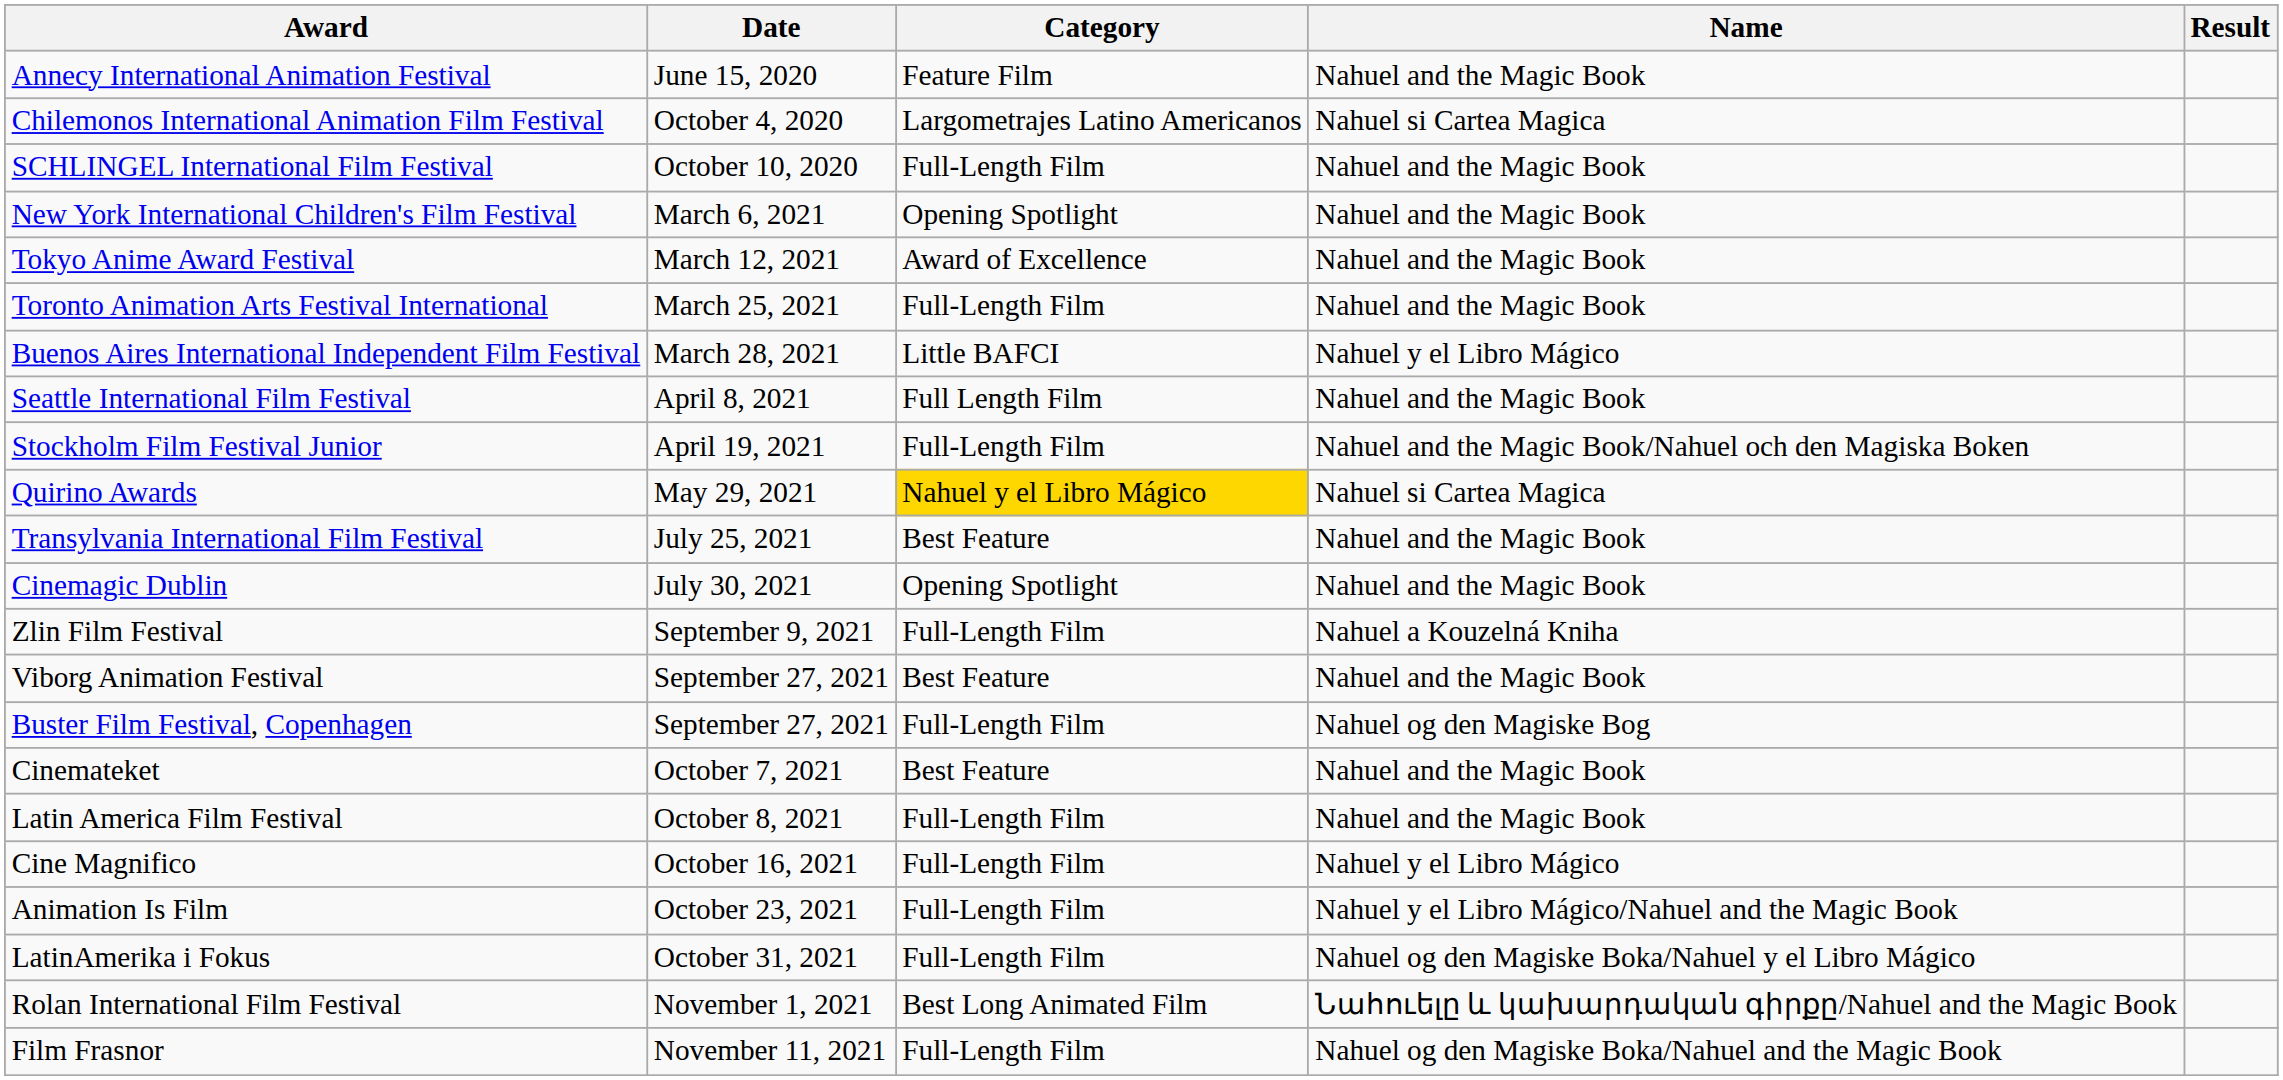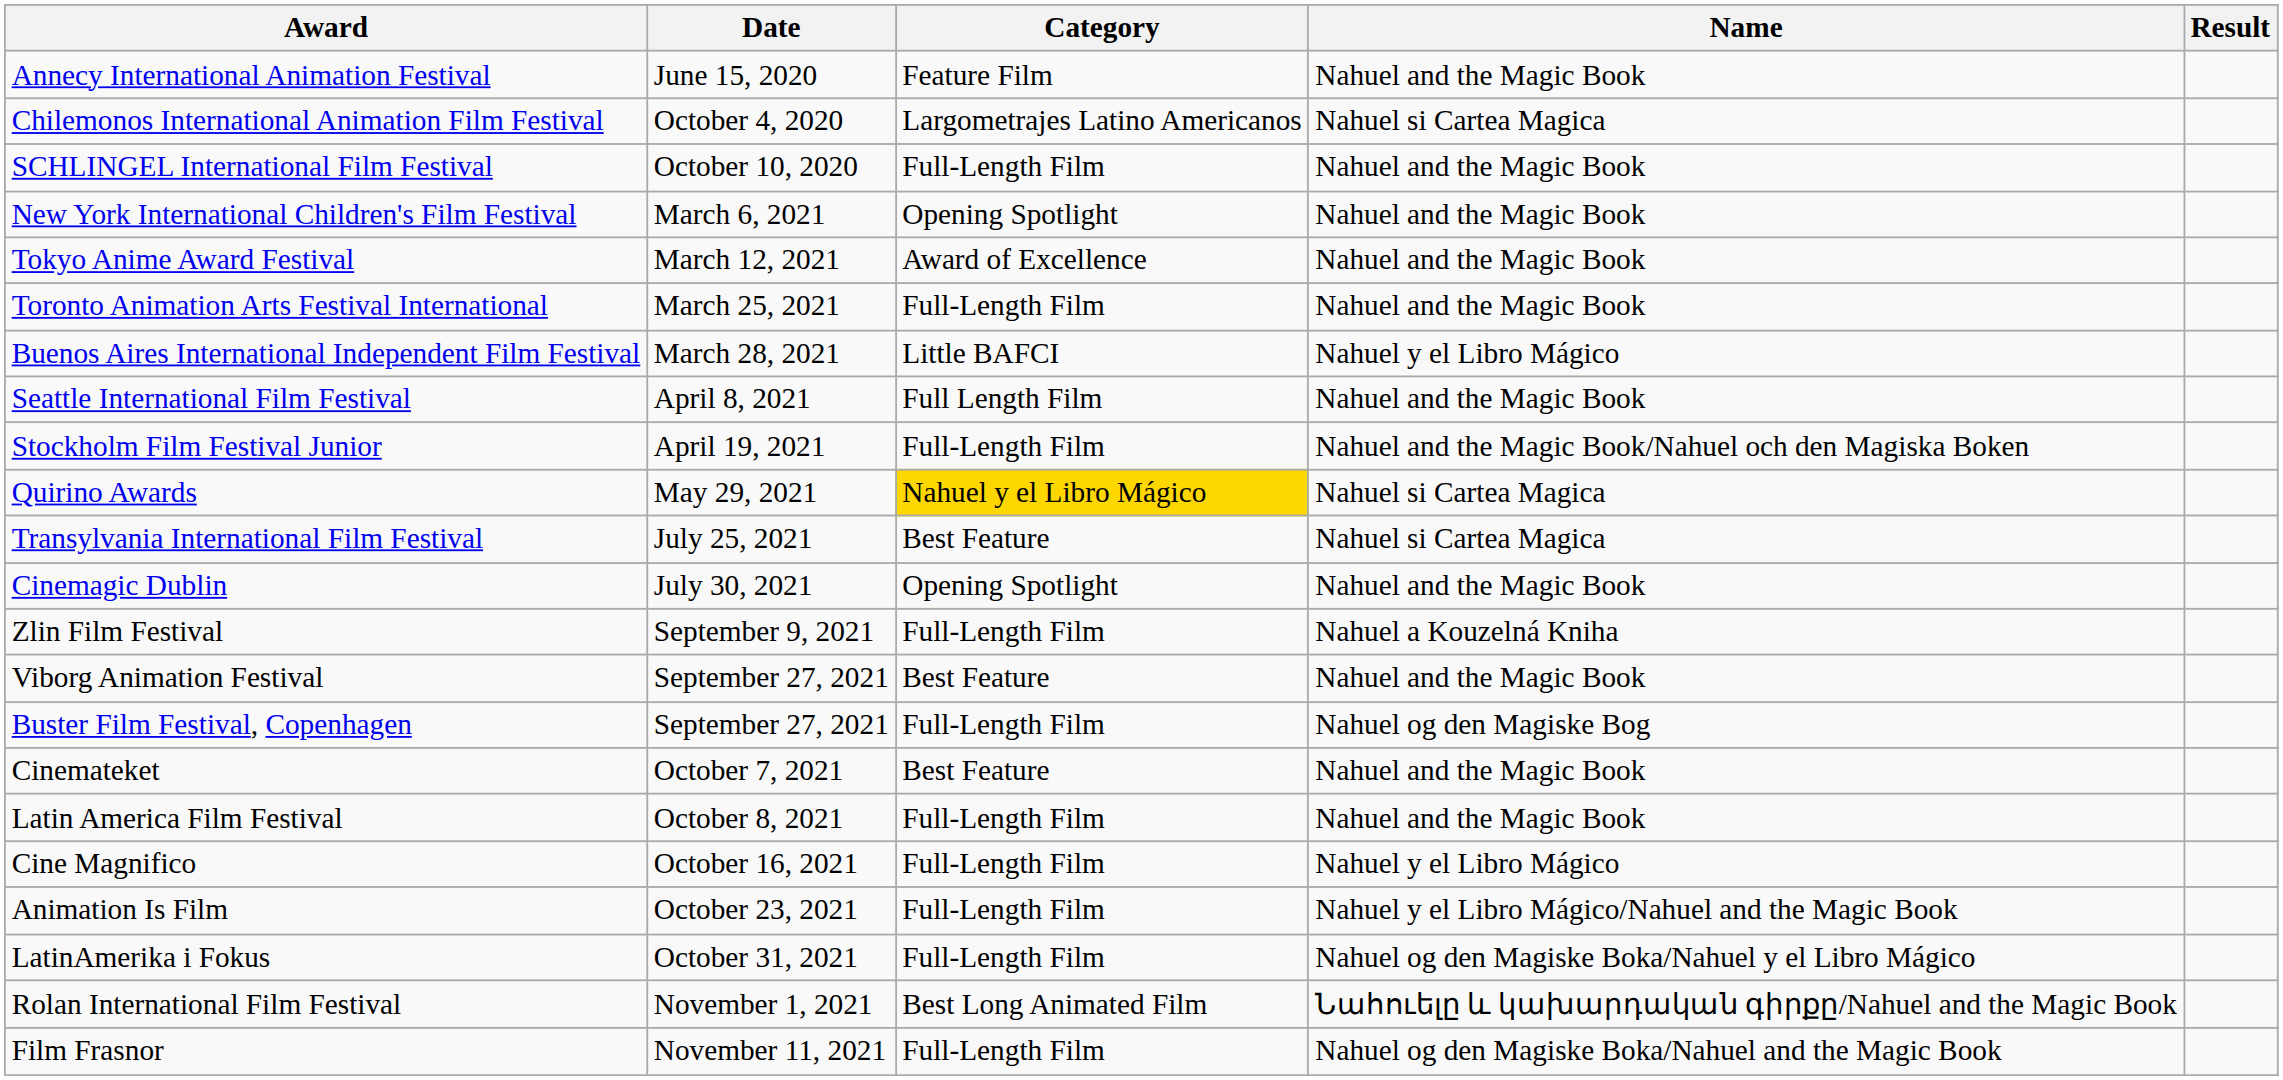 <table class="plainrowheaders wikitable" style="align:center;">
 <tr>
 <th scope="col">Award</th>
 <th>Date</th>
 <th scope="col">Category</th>
 <th scope="col">Name</th>
 <th scope="col">Result</th>
 </tr>
 <tr>
 <td><a href='#'>Annecy International Animation Festival</a></td>
 <td>June 15, 2020</td>
 <td>Feature Film</td>
 <td>Nahuel and the Magic Book</td>
 <td></td>
 </tr>
 <tr>
 <td><a href='#'>Chilemonos International Animation Film Festival</a></td>
 <td>October 4, 2020</td>
 <td>Largometrajes Latino Americanos</td>
 <td>Nahuel si Cartea Magica</td>
 <td></td>
 </tr>
 <tr>
 <td><a href='#'>SCHLINGEL International Film Festival</a></td>
 <td>October 10, 2020</td>
 <td>Full-Length Film</td>
 <td>Nahuel and the Magic Book</td>
 <td></td>
 </tr>
 <tr>
 <td><a href='#'>New York International Children's Film Festival</a></td>
 <td>March 6, 2021</td>
 <td>Opening Spotlight</td>
 <td>Nahuel and the Magic Book</td>
 <td></td>
 </tr>
 <tr>
 <td><a href='#'>Tokyo Anime Award Festival</a></td>
 <td>March 12, 2021</td>
 <td>Award of Excellence</td>
 <td>Nahuel and the Magic Book</td>
 <td></td>
 </tr>
 <tr>
 <td><a href='#'>Toronto Animation Arts Festival International</a></td>
 <td>March 25, 2021</td>
 <td>Full-Length Film</td>
 <td>Nahuel and the Magic Book</td>
 <td></td>
 </tr>
 <tr>
 <td><a href='#'>Buenos Aires International Independent Film Festival</a></td>
 <td>March 28, 2021</td>
 <td>Little BAFCI</td>
 <td>Nahuel y el Libro Mágico</td>
 <td></td>
 </tr>
 <tr>
 <td><a href='#'>Seattle International Film Festival</a></td>
 <td>April 8, 2021</td>
 <td>Full Length Film</td>
 <td>Nahuel and the Magic Book</td>
 <td></td>
 </tr>
 <tr>
 <td><a href='#'>Stockholm Film Festival Junior</a></td>
 <td>April 19, 2021</td>
 <td>Full-Length Film</td>
 <td>Nahuel and the Magic Book/Nahuel och den Magiska Boken</td>
 <td></td>
 </tr>
 <tr>
 <td><a href='#'>Quirino Awards</a></td>
 <td>May 29, 2021</td>
 <td style="background: gold;">Nahuel y el Libro Mágico</td>
 <td>Nahuel si Cartea Magica</td>
 <td></td>
 </tr>
 <tr>
 <td><a href='#'>Transylvania International Film Festival</a></td>
 <td>July 25, 2021</td>
 <td>Best Feature</td>
-<td>Nahuel and the Magic Book</td>
+<td>Nahuel si Cartea Magica</td>
 <td></td>
 </tr>
 <tr>
 <td><a href='#'>Cinemagic Dublin</a></td>
 <td>July 30, 2021</td>
 <td>Opening Spotlight</td>
 <td>Nahuel and the Magic Book</td>
 <td></td>
 </tr>
 <tr>
 <td>Zlin Film Festival</td>
 <td>September 9, 2021</td>
 <td>Full-Length Film</td>
 <td>Nahuel a Kouzelná Kniha</td>
 <td></td>
 </tr>
 <tr>
 <td>Viborg Animation Festival</td>
 <td>September 27, 2021</td>
 <td>Best Feature</td>
 <td>Nahuel and the Magic Book</td>
 <td></td>
 </tr>
 <tr>
 <td><a href='#'>Buster Film Festival</a>, <a href='#'>Copenhagen</a></td>
 <td>September 27, 2021</td>
 <td>Full-Length Film</td>
 <td>Nahuel og den Magiske Bog</td>
 <td></td>
 </tr>
 <tr>
 <td>Cinemateket</td>
 <td>October 7, 2021</td>
 <td>Best Feature</td>
 <td>Nahuel and the Magic Book</td>
 <td></td>
 </tr>
 <tr>
 <td>Latin America Film Festival</td>
 <td>October 8, 2021</td>
 <td>Full-Length Film</td>
 <td>Nahuel and the Magic Book</td>
 <td></td>
 </tr>
 <tr>
 <td>Cine Magnifico</td>
 <td>October 16, 2021</td>
 <td>Full-Length Film</td>
 <td>Nahuel y el Libro Mágico</td>
 <td></td>
 </tr>
 <tr>
 <td>Animation Is Film</td>
 <td>October 23, 2021</td>
 <td>Full-Length Film</td>
 <td>Nahuel y el Libro Mágico/Nahuel and the Magic Book</td>
 <td></td>
 </tr>
 <tr>
 <td>LatinAmerika i Fokus</td>
 <td>October 31, 2021</td>
 <td>Full-Length Film</td>
 <td>Nahuel og den Magiske Boka/Nahuel y el Libro Mágico</td>
 <td></td>
 </tr>
 <tr>
 <td>Rolan International Film Festival</td>
 <td>November 1, 2021</td>
 <td>Best Long Animated Film</td>
 <td>Նահուելը և կախարդական գիրքը/Nahuel and the Magic Book</td>
 <td></td>
 </tr>
 <tr>
 <td>Film Frasnor</td>
 <td>November 11, 2021</td>
 <td>Full-Length Film</td>
 <td>Nahuel og den Magiske Boka/Nahuel and the Magic Book</td>
 <td></td>
 </tr>
 <tr>
 </tr>
 </table>
